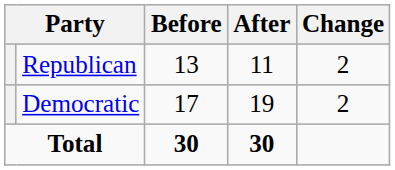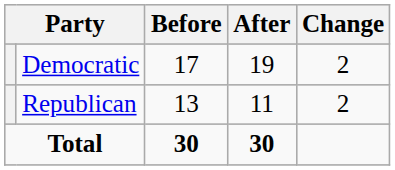 <table class="wikitable" style="text-align:center;">
 <tr>
 <th colspan="2">Party</th>
 <th>Before</th>
 <th>After</th>
 <th>Change</th>
 </tr>
 <tr>
 <th style="background-color:"></th>
-<td style="text-align:left;"><a href='#'>Republican</a></td>
-<td>13</td>
-<td>11</td>
+<td style="text-align:left;"><a href='#'>Democratic</a></td>
+<td>17</td>
+<td>19</td>
 <td> 2</td>
 </tr>
 <tr>
 <th style="background-color:"></th>
-<td style="text-align:left;"><a href='#'>Democratic</a></td>
-<td>17</td>
-<td>19</td>
+<td style="text-align:left;"><a href='#'>Republican</a></td>
+<td>13</td>
+<td>11</td>
 <td> 2</td>
 </tr>
 <tr>
 <td colspan="2"><strong>Total</strong></td>
 <td><strong>30</strong></td>
 <td><strong>30</strong></td>
 <td></td>
 </tr>
 </table>
